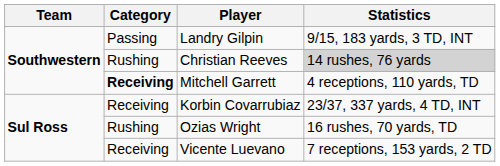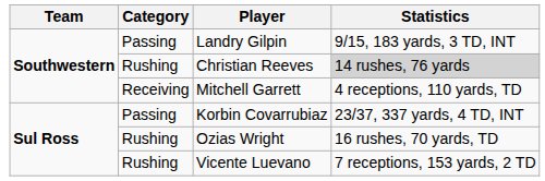 <table class="wikitable" style="float: right;">
 <tr>
 <th>Team</th>
 <th>Category</th>
 <th>Player</th>
 <th>Statistics</th>
 </tr>
 <tr>
 <td rowspan=3><strong>Southwestern</strong></td>
 <td>Passing</td>
 <td>Landry Gilpin</td>
 <td>9/15, 183 yards, 3 TD, INT</td>
 </tr>
 <tr>
 <td>Rushing</td>
 <td>Christian Reeves</td>
 <td style="background: lightgrey;">14 rushes, 76 yards</td>
 </tr>
 <tr>
-<td><strong>Receiving</strong></td>
+<td>Receiving</td>
 <td>Mitchell Garrett</td>
 <td>4 receptions, 110 yards, TD</td>
 </tr>
 <tr>
 <td rowspan=3><strong>Sul Ross</strong></td>
-<td>Receiving</td>
+<td>Passing</td>
 <td>Korbin Covarrubiaz</td>
 <td>23/37, 337 yards, 4 TD, INT</td>
 </tr>
 <tr>
 <td>Rushing</td>
 <td>Ozias Wright</td>
 <td>16 rushes, 70 yards, TD</td>
 </tr>
 <tr>
-<td>Receiving</td>
+<td>Rushing</td>
 <td>Vicente Luevano</td>
 <td>7 receptions, 153 yards, 2 TD</td>
 </tr>
 </table>
